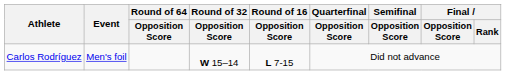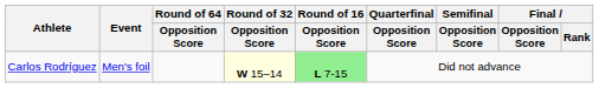 <table class="wikitable" style="font-size:90%">
 <tr>
 <th rowspan="2">Athlete</th>
 <th rowspan="2">Event</th>
 <th>Round of 64</th>
 <th>Round of 32</th>
 <th>Round of 16</th>
 <th>Quarterfinal</th>
 <th>Semifinal</th>
 <th colspan=2>Final / </th>
 </tr>
 <tr style="font-size:95%">
 <th>Opposition <br> Score</th>
 <th>Opposition <br> Score</th>
 <th>Opposition <br> Score</th>
 <th>Opposition <br> Score</th>
 <th>Opposition <br> Score</th>
 <th>Opposition <br> Score</th>
 <th>Rank</th>
 </tr>
 <tr align=center>
 <td align=left><a href='#'>Carlos Rodríguez</a></td>
 <td align=left rowspan=3><a href='#'>Men's foil</a></td>
 <td></td>
-<td><br><strong>W</strong> 15–14</td>
-<td><br><strong>L</strong> 7-15</td>
+<td style="background: lightyellow;"><br><strong>W</strong> 15–14</td>
+<td style="background: lightgreen;"><br><strong>L</strong> 7-15</td>
 <td colspan=4>Did not advance</td>
 </tr>
 </table>
